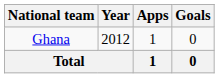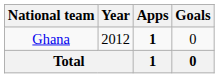 <table class="wikitable" style="text-align:center">
 <tr>
 <th>National team</th>
 <th>Year</th>
 <th>Apps</th>
 <th>Goals</th>
 </tr>
 <tr>
 <td><a href='#'>Ghana</a></td>
 <td>2012</td>
-<td>1</td>
+<td><strong>1</strong></td>
 <td>0</td>
 </tr>
 <tr>
 <th colspan="2">Total</th>
 <th>1</th>
 <th>0</th>
 </tr>
 </table>
